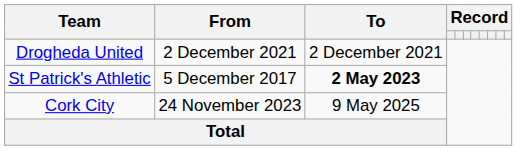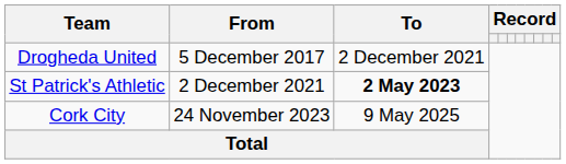 <table class="wikitable" style="text-align: center">
 <tr>
 <th rowspan="2">Team</th>
 <th rowspan="2">From</th>
 <th rowspan="2">To</th>
 <th colspan="8">Record</th>
 </tr>
 <tr>
 <th></th>
 <th></th>
 <th></th>
 <th></th>
 <th></th>
 <th></th>
 <th></th>
 <th></th>
 </tr>
 <tr>
 <td><a href='#'>Drogheda United</a></td>
-<td>2 December 2021</td>
+<td>5 December 2017</td>
 <td>2 December 2021<br></td>
 </tr>
 <tr>
 <td><a href='#'>St Patrick's Athletic</a></td>
-<td>5 December 2017</td>
+<td>2 December 2021</td>
 <td><strong>2 May 2023<br></strong></td>
 </tr>
 <tr>
 <td><a href='#'>Cork City</a></td>
 <td>24 November 2023</td>
 <td>9 May 2025<br></td>
 </tr>
 <tr>
 <th colspan="3">Total<br></th>
 </tr>
 </table>
